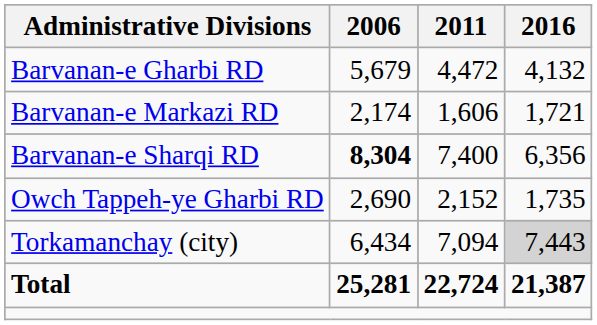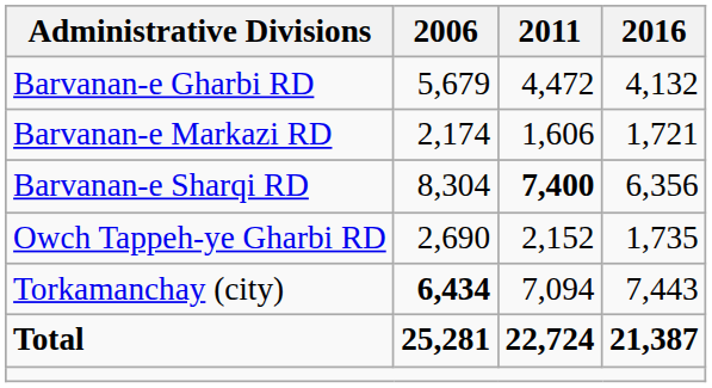 <table class="wikitable">
 <tr>
 <th>Administrative Divisions</th>
 <th>2006</th>
 <th>2011</th>
 <th>2016</th>
 </tr>
 <tr>
 <td><a href='#'>Barvanan-e Gharbi RD</a></td>
 <td style="text-align: right;">5,679</td>
 <td style="text-align: right;">4,472</td>
 <td style="text-align: right;">4,132</td>
 </tr>
 <tr>
 <td><a href='#'>Barvanan-e Markazi RD</a></td>
 <td style="text-align: right;">2,174</td>
 <td style="text-align: right;">1,606</td>
 <td style="text-align: right;">1,721</td>
 </tr>
 <tr>
 <td><a href='#'>Barvanan-e Sharqi RD</a></td>
-<td style="text-align: right;"><strong>8,304</strong></td>
-<td style="text-align: right;">7,400</td>
+<td style="text-align: right;">8,304</td>
+<td style="text-align: right;"><strong>7,400</strong></td>
 <td style="text-align: right;">6,356</td>
 </tr>
 <tr>
 <td><a href='#'>Owch Tappeh-ye Gharbi RD</a></td>
 <td style="text-align: right;">2,690</td>
 <td style="text-align: right;">2,152</td>
 <td style="text-align: right;">1,735</td>
 </tr>
 <tr>
 <td><a href='#'>Torkamanchay</a> (city)</td>
-<td style="text-align: right;">6,434</td>
+<td style="text-align: right;"><strong>6,434</strong></td>
 <td style="text-align: right;">7,094</td>
-<td style="background: lightgrey; text-align: right;">7,443</td>
+<td style="text-align: right;">7,443</td>
 </tr>
 <tr>
 <td><strong>Total</strong></td>
 <td style="text-align: right;"><strong>25,281</strong></td>
 <td style="text-align: right;"><strong>22,724</strong></td>
 <td style="text-align: right;"><strong>21,387</strong></td>
 </tr>
 <tr>
 <td colspan=4></td>
 </tr>
 </table>
